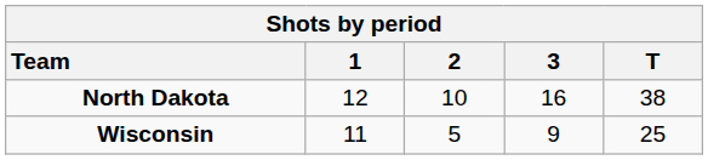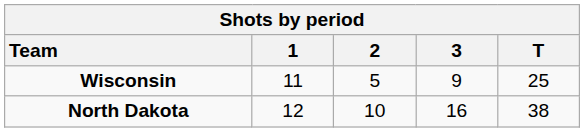 <table class="wikitable" style="width:30em; text-align:right;">
 <tr>
 <th colspan=5>Shots by period</th>
 </tr>
 <tr>
 <th style="width:10em; text-align:left;">Team</th>
 <th style="width:3em;">1</th>
 <th style="width:3em;">2</th>
 <th style="width:3em;">3</th>
 <th style="width:3em;">T</th>
 </tr>
 <tr>
+<td align=center><strong>Wisconsin</strong></td>
+<td align=center>11</td>
+<td align=center>5</td>
+<td align=center>9</td>
+<td align=center>25</td>
+</tr>
+<tr>
 <td align=center><strong>North Dakota</strong></td>
 <td align=center>12</td>
 <td align=center>10</td>
 <td align=center>16</td>
 <td align=center>38</td>
 </tr>
-<tr>
-<td align=center><strong>Wisconsin</strong></td>
-<td align=center>11</td>
-<td align=center>5</td>
-<td align=center>9</td>
-<td align=center>25</td>
-</tr>
 </table>
